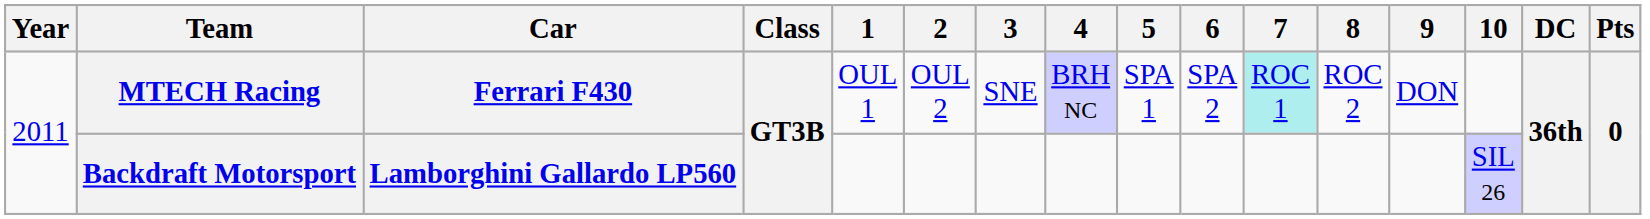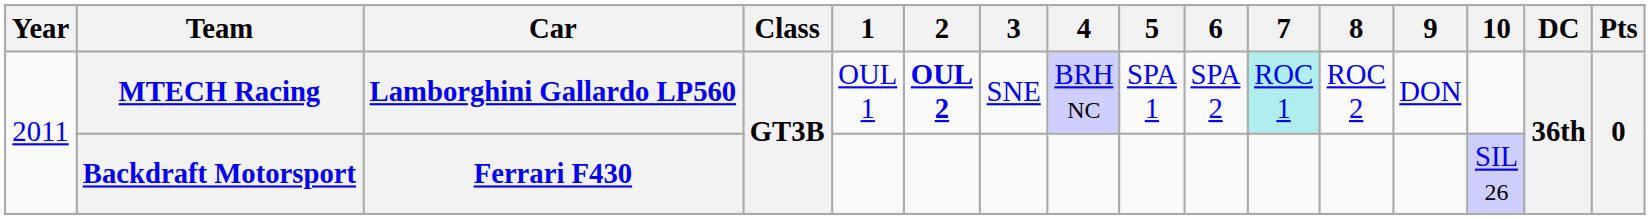 <table class="wikitable" style="text-align:center; font-size:85%">
 <tr>
 <th>Year</th>
 <th>Team</th>
 <th>Car</th>
 <th>Class</th>
 <th>1</th>
 <th>2</th>
 <th>3</th>
 <th>4</th>
 <th>5</th>
 <th>6</th>
 <th>7</th>
 <th>8</th>
 <th>9</th>
 <th>10</th>
 <th>DC</th>
 <th>Pts</th>
 </tr>
 <tr>
 <td rowspan=2><a href='#'>2011</a></td>
 <th nowrap><a href='#'>MTECH Racing</a></th>
-<th nowrap><a href='#'>Ferrari F430</a></th>
+<th nowrap><a href='#'>Lamborghini Gallardo LP560</a></th>
 <th rowspan=2><span>GT3B</span></th>
 <td><a href='#'>OUL<br>1</a></td>
-<td><a href='#'>OUL<br>2</a></td>
+<td><strong><a href='#'>OUL<br>2</a></strong></td>
 <td><a href='#'>SNE</a></td>
 <td style="background:#CFCFFF;"><a href='#'>BRH</a><br><small>NC</small></td>
 <td><a href='#'>SPA<br>1</a></td>
 <td><a href='#'>SPA<br>2</a></td>
 <td style="background: paleturquoise;"><a href='#'>ROC<br>1</a></td>
 <td><a href='#'>ROC<br>2</a></td>
 <td><a href='#'>DON</a></td>
 <td></td>
 <th rowspan=2>36th</th>
 <th rowspan=2>0</th>
 </tr>
 <tr>
 <th nowrap><a href='#'>Backdraft Motorsport</a></th>
-<th nowrap><a href='#'>Lamborghini Gallardo LP560</a></th>
+<th nowrap><a href='#'>Ferrari F430</a></th>
 <td></td>
 <td></td>
 <td></td>
 <td></td>
 <td></td>
 <td></td>
 <td></td>
 <td></td>
 <td></td>
 <td style="background:#CFCFFF;"><a href='#'>SIL</a><br><small>26</small></td>
 </tr>
 </table>
